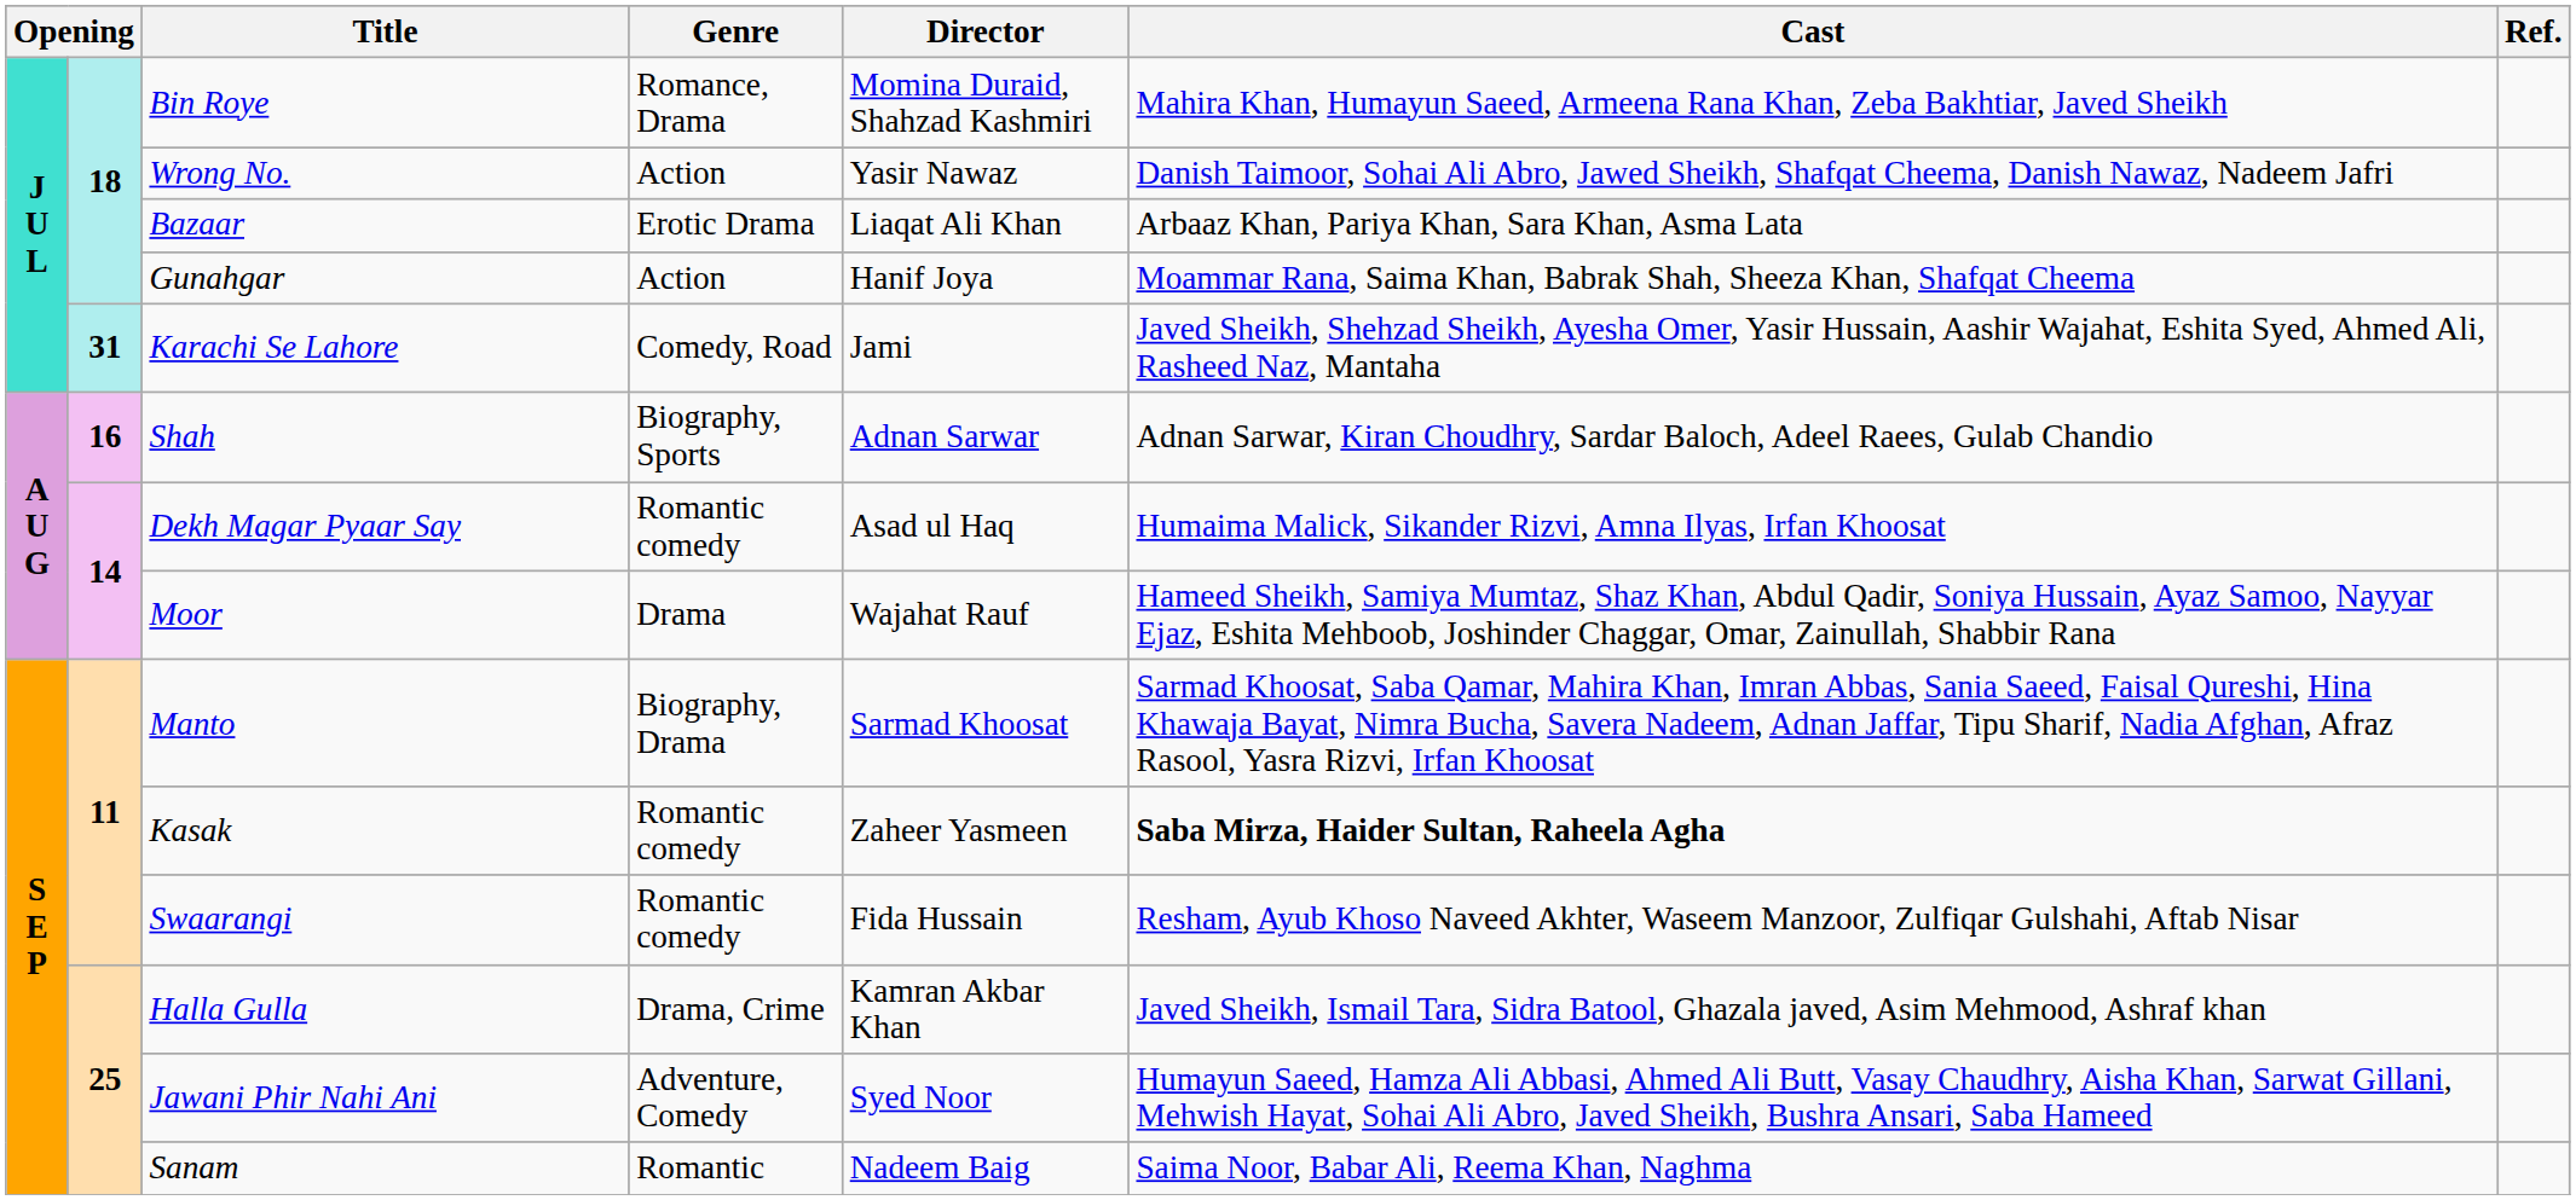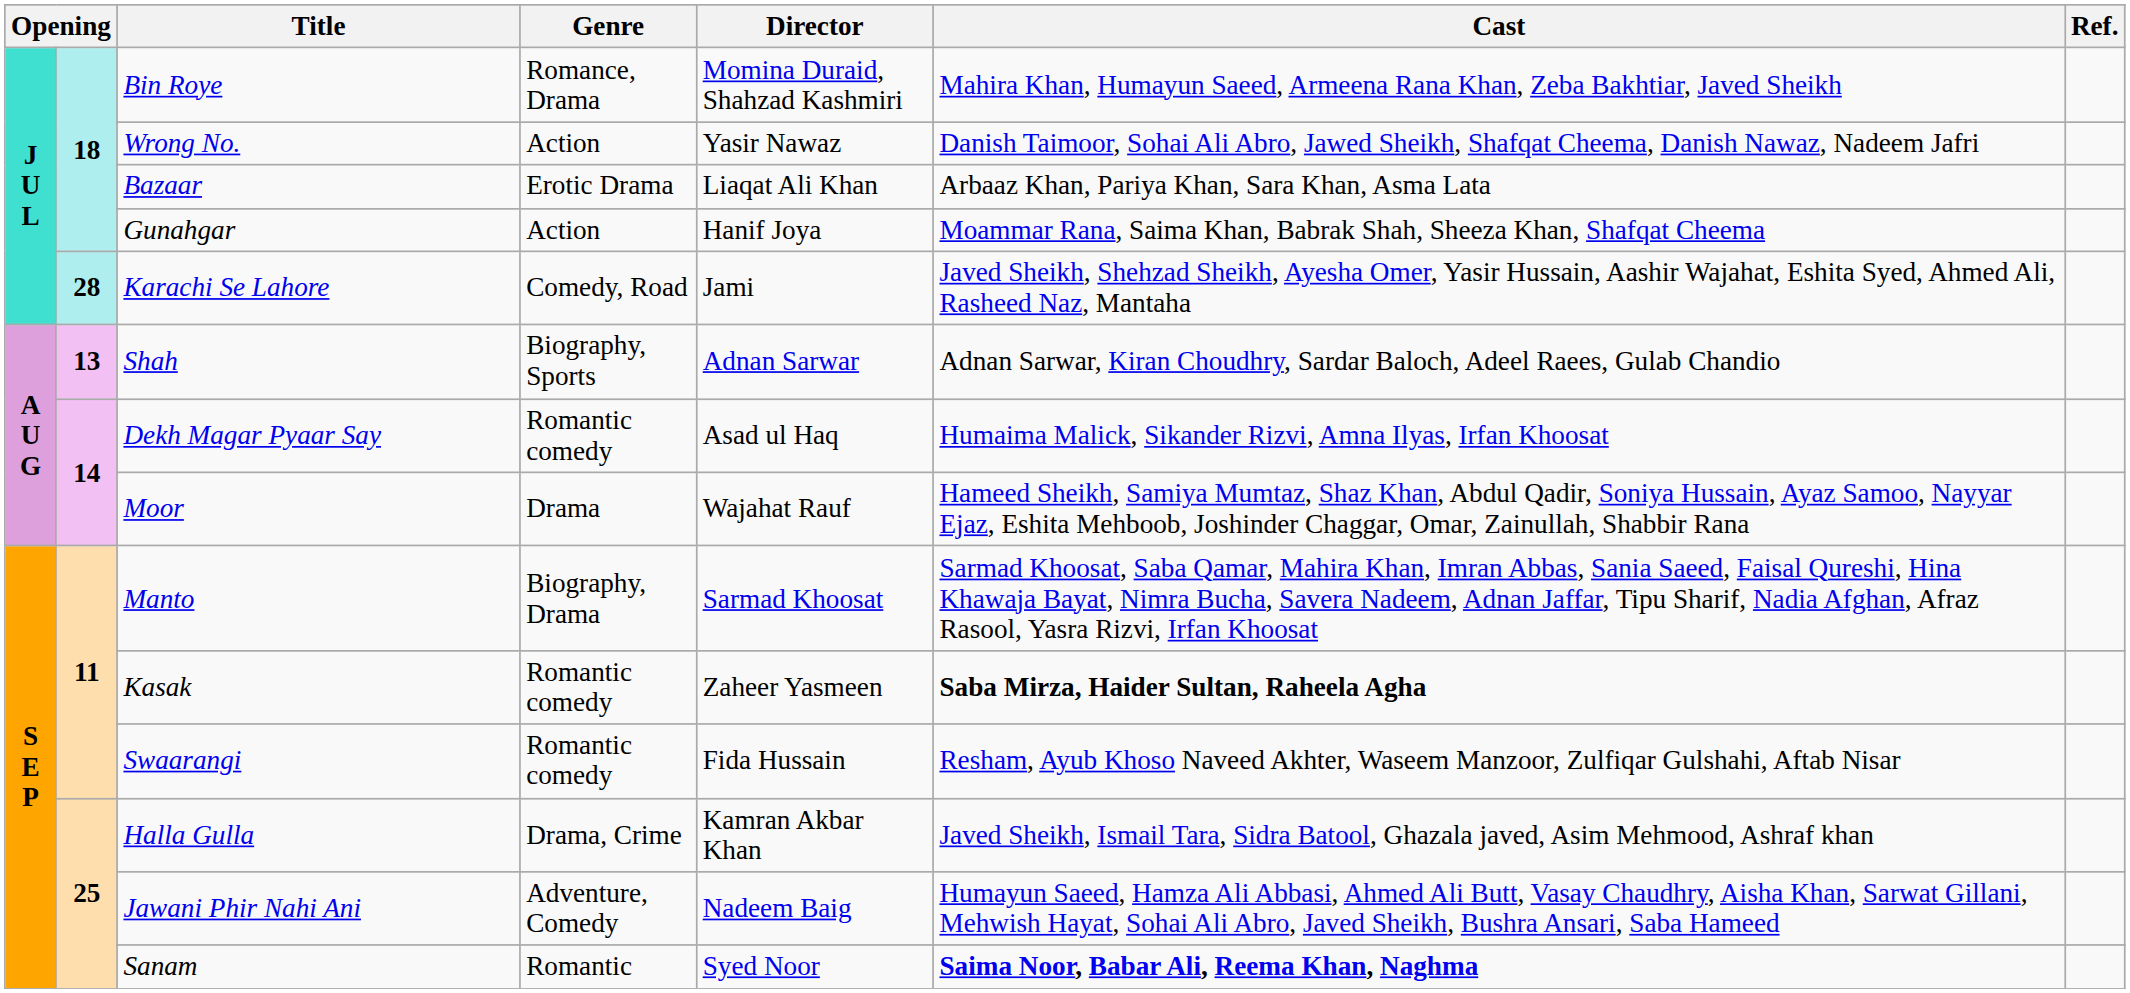 <table class="wikitable">
 <tr style="background:#b0e0e66; text-align:center;">
 <th colspan="2"><strong>Opening</strong></th>
 <th style="width:19%;"><strong>Title</strong></th>
 <th><strong>Genre</strong></th>
 <th><strong>Director</strong></th>
 <th><strong>Cast</strong></th>
 <th><strong>Ref.</strong></th>
 </tr>
 <tr>
 <td rowspan="5" style="text-align:center; background:#40e0d0;"><strong>J<br>U<br>L</strong></td>
 <td rowspan="4" style="text-align:center; textcolor:#000; background:#afeeee;"><strong>18</strong></td>
 <td><em><a href='#'>Bin Roye</a></em></td>
 <td>Romance, Drama</td>
 <td><a href='#'>Momina Duraid</a>, Shahzad Kashmiri</td>
 <td><a href='#'>Mahira Khan</a>, <a href='#'>Humayun Saeed</a>, <a href='#'>Armeena Rana Khan</a>, <a href='#'>Zeba Bakhtiar</a>, <a href='#'>Javed Sheikh</a></td>
 <td></td>
 </tr>
 <tr>
 <td><em><a href='#'>Wrong No.</a></em></td>
 <td>Action</td>
 <td>Yasir Nawaz</td>
 <td><a href='#'>Danish Taimoor</a>, <a href='#'>Sohai Ali Abro</a>, <a href='#'>Jawed Sheikh</a>, <a href='#'>Shafqat Cheema</a>, <a href='#'>Danish Nawaz</a>, Nadeem Jafri</td>
 <td></td>
 </tr>
 <tr>
 <td><a href='#'><em>Bazaar</em></a></td>
 <td>Erotic Drama</td>
 <td>Liaqat Ali Khan</td>
 <td>Arbaaz Khan, Pariya Khan, Sara Khan, Asma Lata</td>
 <td></td>
 </tr>
 <tr>
 <td><em>Gunahgar</em></td>
 <td>Action</td>
 <td>Hanif Joya</td>
 <td><a href='#'>Moammar Rana</a>, Saima Khan, Babrak Shah, Sheeza Khan, <a href='#'>Shafqat Cheema</a></td>
 <td></td>
 </tr>
 <tr>
-<td rowspan="1" style="text-align:center; textcolor:#000; background:#afeeee;"><strong>31</strong></td>
+<td rowspan="1" style="text-align:center; textcolor:#000; background:#afeeee;"><strong>28</strong></td>
 <td><em><a href='#'>Karachi Se Lahore</a></em></td>
 <td>Comedy, Road</td>
 <td>Jami</td>
 <td><a href='#'>Javed Sheikh</a>, <a href='#'>Shehzad Sheikh</a>, <a href='#'>Ayesha Omer</a>, Yasir Hussain, Aashir Wajahat,  Eshita Syed, Ahmed Ali, <a href='#'>Rasheed Naz</a>, Mantaha</td>
 <td></td>
 </tr>
 <tr>
 <td rowspan="3" style="text-align:center; background:plum;"><strong>A<br>U<br>G</strong></td>
-<td rowspan="1" style="text-align:center; textcolor:#000; background:#f3c0f3;"><strong>16</strong></td>
+<td rowspan="1" style="text-align:center; textcolor:#000; background:#f3c0f3;"><strong>13</strong></td>
 <td><em><a href='#'>Shah</a></em></td>
 <td>Biography, Sports</td>
 <td><a href='#'>Adnan Sarwar</a></td>
 <td>Adnan Sarwar, <a href='#'>Kiran Choudhry</a>, Sardar Baloch, Adeel Raees, Gulab Chandio</td>
 <td></td>
 </tr>
 <tr>
 <td rowspan="2" style="text-align:center; textcolor:#000; background:#f3c0f3;"><strong>14</strong></td>
 <td><em><a href='#'>Dekh Magar Pyaar Say</a></em></td>
 <td>Romantic comedy</td>
 <td>Asad ul Haq</td>
 <td><a href='#'>Humaima Malick</a>, <a href='#'>Sikander Rizvi</a>, <a href='#'>Amna Ilyas</a>, <a href='#'>Irfan Khoosat</a></td>
 <td></td>
 </tr>
 <tr>
 <td><em><a href='#'>Moor</a></em></td>
 <td>Drama</td>
 <td>Wajahat Rauf</td>
 <td><a href='#'>Hameed Sheikh</a>, <a href='#'>Samiya Mumtaz</a>, <a href='#'>Shaz Khan</a>, Abdul Qadir, <a href='#'>Soniya Hussain</a>, <a href='#'>Ayaz Samoo</a>, <a href='#'>Nayyar Ejaz</a>, Eshita Mehboob, Joshinder Chaggar, Omar, Zainullah, Shabbir Rana</td>
 <td></td>
 </tr>
 <tr>
 <td rowspan="6" style="text-align:center; background:orange;"><strong>S<br>E<br>P</strong></td>
 <td rowspan="3" style="text-align:center;background:#ffdead; textcolor:#000;"><strong>11</strong></td>
 <td><em><a href='#'>Manto</a></em></td>
 <td>Biography, Drama</td>
 <td><a href='#'>Sarmad Khoosat</a></td>
 <td><a href='#'>Sarmad Khoosat</a>, <a href='#'>Saba Qamar</a>, <a href='#'>Mahira Khan</a>, <a href='#'>Imran Abbas</a>, <a href='#'>Sania Saeed</a>, <a href='#'>Faisal Qureshi</a>, <a href='#'>Hina Khawaja Bayat</a>, <a href='#'>Nimra Bucha</a>, <a href='#'>Savera Nadeem</a>, <a href='#'>Adnan Jaffar</a>, Tipu Sharif, <a href='#'>Nadia Afghan</a>, Afraz Rasool, Yasra Rizvi, <a href='#'>Irfan Khoosat</a></td>
 <td></td>
 </tr>
 <tr>
 <td><em>Kasak</em></td>
 <td>Romantic comedy</td>
 <td>Zaheer Yasmeen</td>
 <td><strong>Saba Mirza, Haider Sultan, Raheela Agha</strong></td>
 <td></td>
 </tr>
 <tr>
 <td><em><a href='#'>Swaarangi</a></em></td>
 <td>Romantic comedy</td>
 <td>Fida Hussain</td>
 <td><a href='#'>Resham</a>, <a href='#'>Ayub Khoso</a> Naveed Akhter, Waseem Manzoor, Zulfiqar Gulshahi, Aftab Nisar</td>
 <td></td>
 </tr>
 <tr>
 <td rowspan="3" style="text-align:center;background:#ffdead; textcolor:#000;"><strong>25</strong></td>
 <td><em><a href='#'>Halla Gulla</a></em></td>
 <td>Drama, Crime</td>
 <td>Kamran Akbar Khan</td>
 <td><a href='#'>Javed Sheikh</a>, <a href='#'>Ismail Tara</a>, <a href='#'>Sidra Batool</a>, Ghazala javed, Asim Mehmood, Ashraf khan</td>
 <td></td>
 </tr>
 <tr>
 <td><em><a href='#'>Jawani Phir Nahi Ani</a></em></td>
 <td>Adventure, Comedy</td>
-<td><a href='#'>Syed Noor</a></td>
+<td><a href='#'>Nadeem Baig</a></td>
 <td><a href='#'>Humayun Saeed</a>, <a href='#'>Hamza Ali Abbasi</a>, <a href='#'>Ahmed Ali Butt</a>, <a href='#'>Vasay Chaudhry</a>, <a href='#'>Aisha Khan</a>, <a href='#'>Sarwat Gillani</a>, <a href='#'>Mehwish Hayat</a>, <a href='#'>Sohai Ali Abro</a>, <a href='#'>Javed Sheikh</a>, <a href='#'>Bushra Ansari</a>, <a href='#'>Saba Hameed</a></td>
 <td></td>
 </tr>
 <tr>
 <td><em>Sanam</em></td>
 <td>Romantic</td>
-<td><a href='#'>Nadeem Baig</a></td>
-<td><a href='#'>Saima Noor</a>, <a href='#'>Babar Ali</a>, <a href='#'>Reema Khan</a>, <a href='#'>Naghma</a></td>
+<td><a href='#'>Syed Noor</a></td>
+<td><strong><a href='#'>Saima Noor</a>, <a href='#'>Babar Ali</a>, <a href='#'>Reema Khan</a>, <a href='#'>Naghma</a></strong></td>
 <td></td>
 </tr>
 <tr>
 </tr>
 </table>
